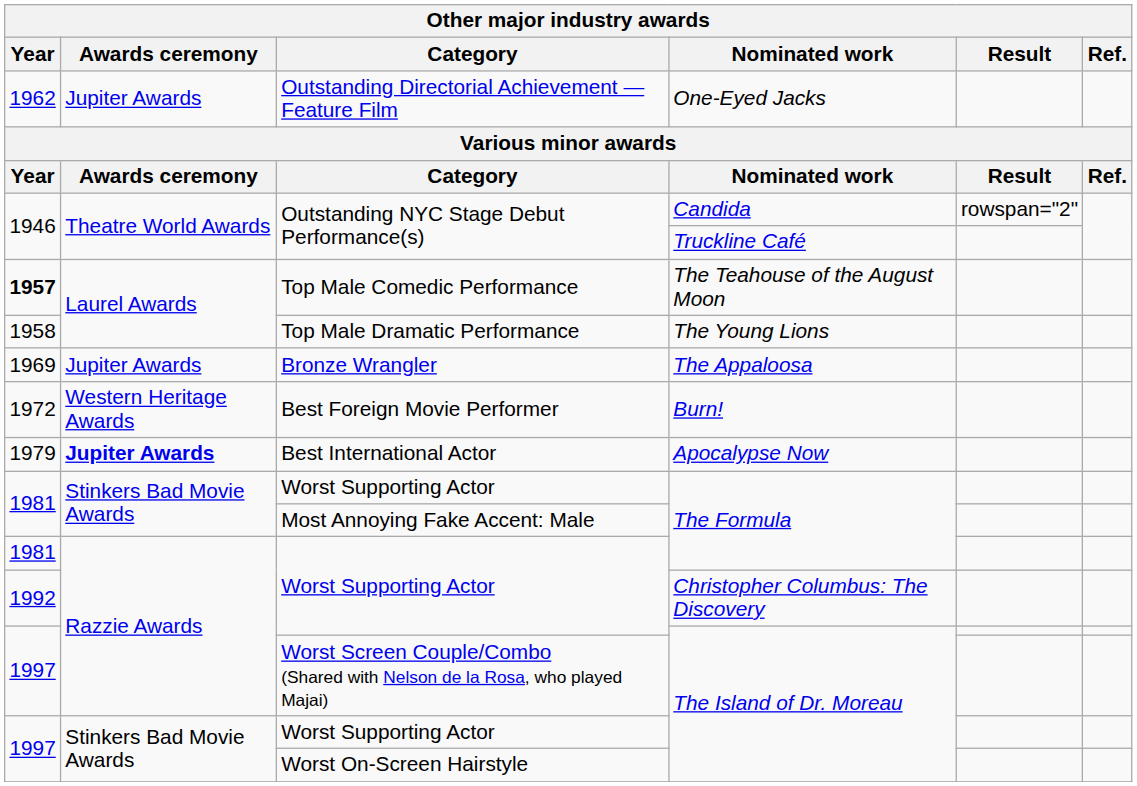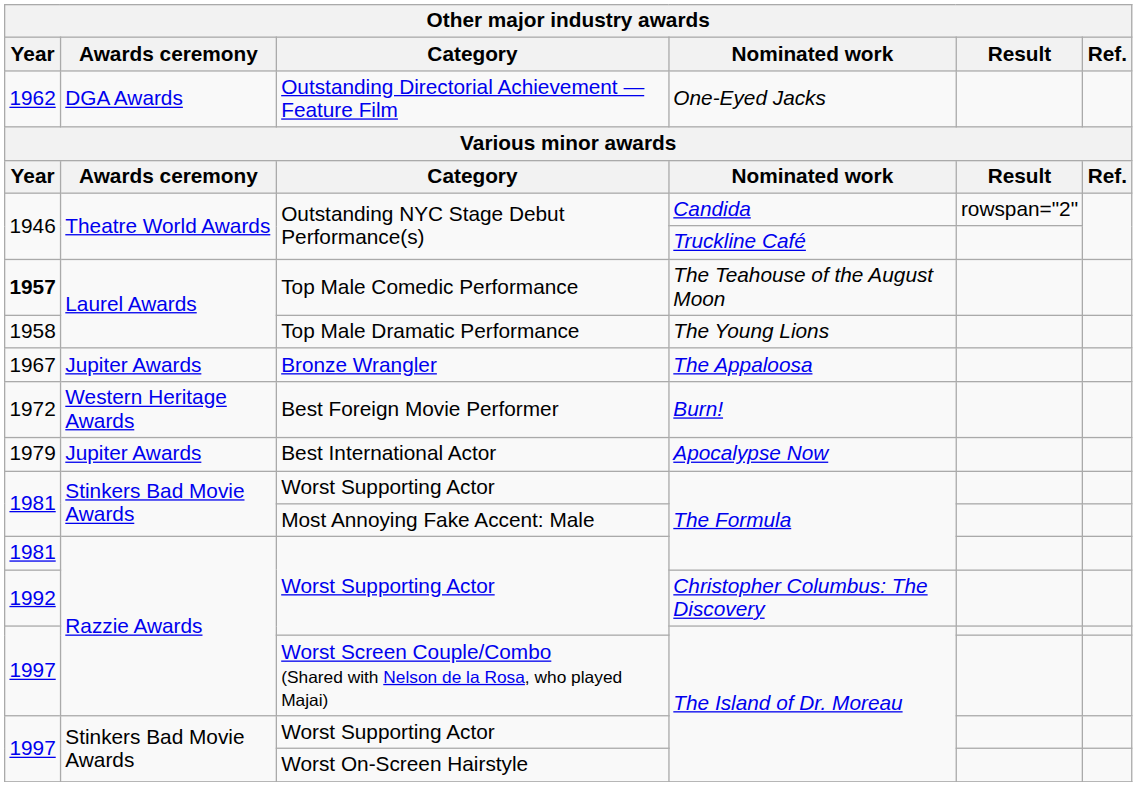 <table class=wikitable>
 <tr>
 <th colspan="7" align="center">Other major industry awards</th>
 </tr>
 <tr>
 <th>Year</th>
 <th>Awards ceremony</th>
 <th>Category</th>
 <th>Nominated work</th>
 <th>Result</th>
 <th>Ref.</th>
 </tr>
 <tr>
 <td style="text-align:center;"><a href='#'>1962</a></td>
-<td><a href='#'>Jupiter Awards</a></td>
+<td><a href='#'>DGA Awards</a></td>
 <td><a href='#'>Outstanding Directorial Achievement — Feature Film</a></td>
 <td><em>One-Eyed Jacks</em></td>
 <td></td>
 <td style="text-align:center;"></td>
 </tr>
 <tr>
 <th colspan="7" align="center">Various minor awards</th>
 </tr>
 <tr>
 <th>Year</th>
 <th>Awards ceremony</th>
 <th>Category</th>
 <th>Nominated work</th>
 <th>Result</th>
 <th>Ref.</th>
 </tr>
 <tr>
 <td style="text-align:center;" rowspan="2">1946</td>
 <td rowspan="2"><a href='#'>Theatre World Awards</a></td>
 <td rowspan="2">Outstanding NYC Stage Debut Performance(s)</td>
 <td><em><a href='#'>Candida</a></em></td>
 <td>rowspan="2" </td>
 <td style="text-align:center;" rowspan="2"></td>
 </tr>
 <tr>
 <td><em><a href='#'>Truckline Café</a></em></td>
 </tr>
 <tr>
 <td style="text-align:center;"><strong>1957</strong></td>
 <td rowspan="2"><a href='#'>Laurel Awards</a></td>
 <td>Top Male Comedic Performance</td>
 <td><em>The Teahouse of the August Moon</em></td>
 <td></td>
 <td style="text-align:center;"></td>
 </tr>
 <tr>
 <td style="text-align:center;">1958</td>
 <td>Top Male Dramatic Performance</td>
 <td><em>The Young Lions</em></td>
 <td></td>
 <td style="text-align:center;"></td>
 </tr>
 <tr>
-<td style="text-align:center;">1969</td>
+<td style="text-align:center;">1967</td>
 <td><a href='#'>Jupiter Awards</a></td>
 <td><a href='#'>Bronze Wrangler</a></td>
 <td><em><a href='#'>The Appaloosa</a></em></td>
 <td></td>
 <td style="text-align:center;"></td>
 </tr>
 <tr>
 <td style="text-align:center;">1972</td>
 <td><a href='#'>Western Heritage Awards</a></td>
 <td>Best Foreign Movie Performer</td>
 <td><em><a href='#'>Burn!</a></em></td>
 <td></td>
 <td style="text-align:center;"></td>
 </tr>
 <tr>
 <td style="text-align:center;">1979</td>
-<td><strong><a href='#'>Jupiter Awards</a></strong></td>
+<td><a href='#'>Jupiter Awards</a></td>
 <td>Best International Actor</td>
 <td><em><a href='#'>Apocalypse Now</a></em></td>
 <td></td>
 <td style="text-align:center;"></td>
 </tr>
 <tr>
 <td style="text-align:center;" rowspan="2"><a href='#'>1981</a></td>
 <td rowspan="2"><a href='#'>Stinkers Bad Movie Awards</a></td>
 <td>Worst Supporting Actor</td>
 <td rowspan="3"><em><a href='#'>The Formula</a></em></td>
 <td></td>
 <td style="text-align:center;"></td>
 </tr>
 <tr>
 <td>Most Annoying Fake Accent: Male</td>
 <td></td>
 <td style="text-align:center;"></td>
 </tr>
 <tr>
 <td style="text-align:center;"><a href='#'>1981</a></td>
 <td rowspan="4"><a href='#'>Razzie Awards</a></td>
 <td rowspan="3"><a href='#'>Worst Supporting Actor</a></td>
 <td></td>
 <td style="text-align:center;"></td>
 </tr>
 <tr>
 <td style="text-align:center;"><a href='#'>1992</a></td>
 <td><em><a href='#'>Christopher Columbus: The Discovery</a></em></td>
 <td></td>
 <td style="text-align:center;"></td>
 </tr>
 <tr>
 <td style="text-align:center;" rowspan="2"><a href='#'>1997</a></td>
 <td rowspan="4"><em><a href='#'>The Island of Dr. Moreau</a></em></td>
 <td></td>
 <td style="text-align:center;"></td>
 </tr>
 <tr>
 <td><a href='#'>Worst Screen Couple/Combo</a><br><small>(Shared with <a href='#'>Nelson de la Rosa</a>, who played Majai)</small></td>
 <td></td>
 <td style="text-align:center;"></td>
 </tr>
 <tr>
 <td style="text-align:center;" rowspan="2"><a href='#'>1997</a></td>
 <td rowspan="2">Stinkers Bad Movie Awards</td>
 <td>Worst Supporting Actor</td>
 <td></td>
 <td style="text-align:center;"></td>
 </tr>
 <tr>
 <td>Worst On-Screen Hairstyle</td>
 <td></td>
 <td style="text-align:center;"></td>
 </tr>
 <tr>
 </tr>
 </table>
